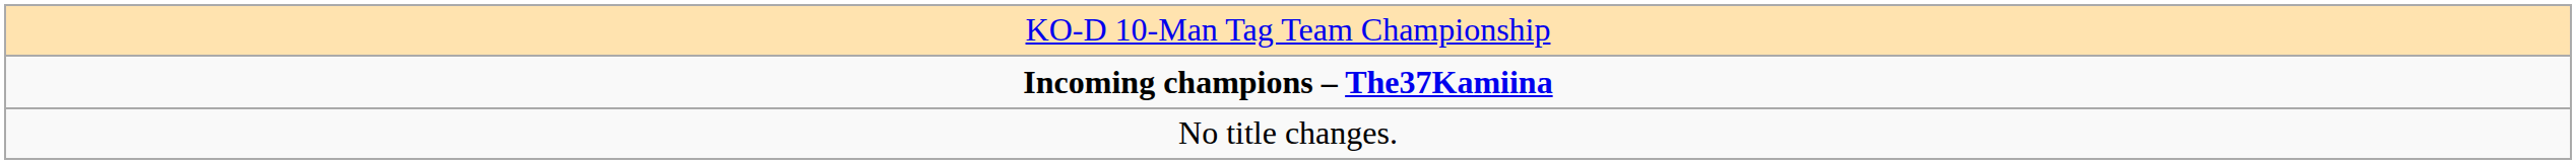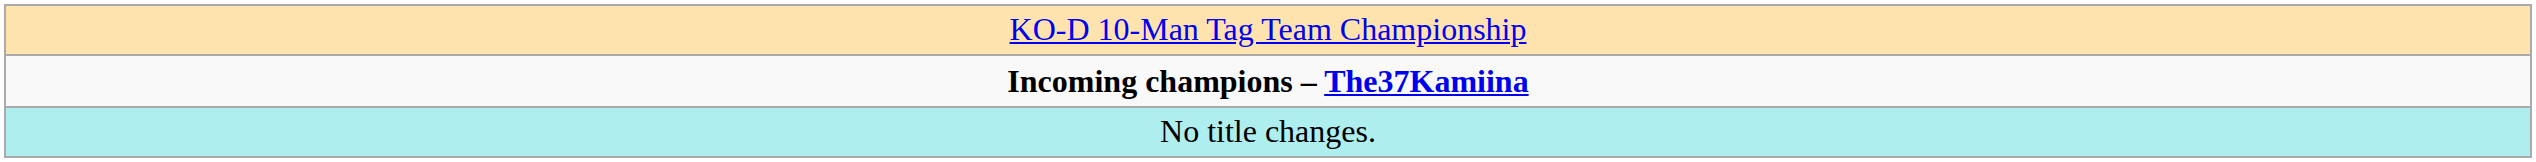 <table class="wikitable" style="text-align:center; width:100%;">
 <tr style="background:#ffe3af;">
 <td colspan="5" style="text-align: center;"><a href='#'>KO-D 10-Man Tag Team Championship</a></td>
 </tr>
 <tr>
 <td colspan="5" style="text-align: center;"><strong>Incoming champions – <a href='#'>The37Kamiina</a> </strong></td>
 </tr>
 <tr>
-<td>No title changes.</td>
+<td style="background: paleturquoise;">No title changes.</td>
 </tr>
 <tr>
 </tr>
 </table>
